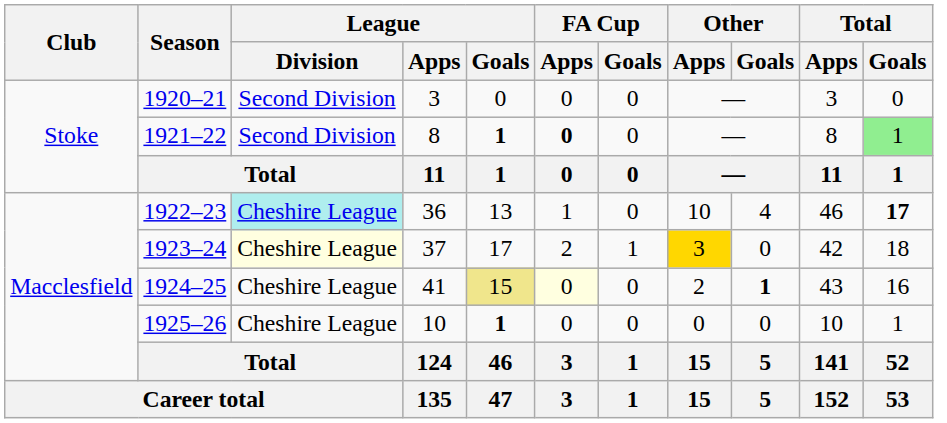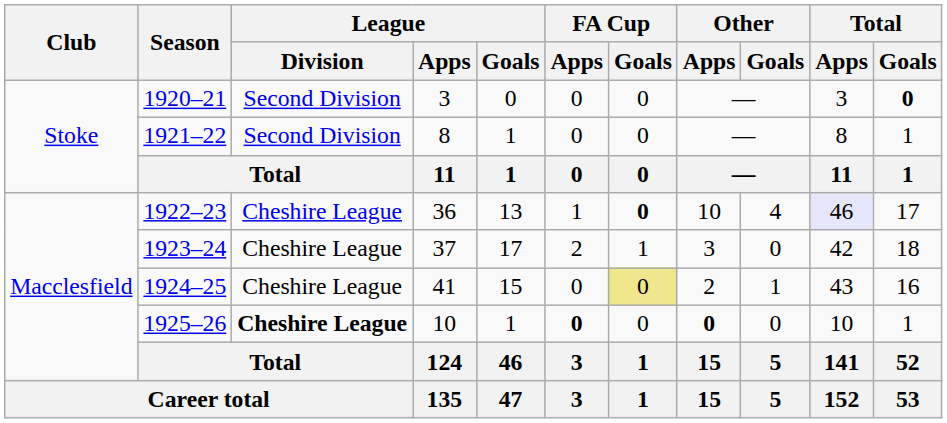 <table class="wikitable" style="text-align: center;">
 <tr>
 <th rowspan="2">Club</th>
 <th rowspan="2">Season</th>
 <th colspan="3">League</th>
 <th colspan="2">FA Cup</th>
 <th colspan="2">Other</th>
 <th colspan="2">Total</th>
 </tr>
 <tr>
 <th>Division</th>
 <th>Apps</th>
 <th>Goals</th>
 <th>Apps</th>
 <th>Goals</th>
 <th>Apps</th>
 <th>Goals</th>
 <th>Apps</th>
 <th>Goals</th>
 </tr>
 <tr>
 <td rowspan=3><a href='#'>Stoke</a></td>
 <td><a href='#'>1920–21</a></td>
 <td><a href='#'>Second Division</a></td>
 <td>3</td>
 <td>0</td>
 <td>0</td>
 <td>0</td>
 <td colspan="2">—</td>
 <td>3</td>
-<td>0</td>
+<td><strong>0</strong></td>
 </tr>
 <tr>
 <td><a href='#'>1921–22</a></td>
 <td><a href='#'>Second Division</a></td>
 <td>8</td>
-<td><strong>1</strong></td>
-<td><strong>0</strong></td>
+<td>1</td>
+<td>0</td>
 <td>0</td>
 <td colspan="2">—</td>
 <td>8</td>
-<td style="background: lightgreen;">1</td>
+<td>1</td>
 </tr>
 <tr>
 <th colspan=2>Total</th>
 <th>11</th>
 <th>1</th>
 <th>0</th>
 <th>0</th>
 <th colspan="2">—</th>
 <th>11</th>
 <th>1</th>
 </tr>
 <tr>
 <td rowspan=5><a href='#'>Macclesfield</a></td>
 <td><a href='#'>1922–23</a></td>
-<td style="background: paleturquoise;"><a href='#'>Cheshire League</a></td>
+<td><a href='#'>Cheshire League</a></td>
 <td>36</td>
 <td>13</td>
 <td>1</td>
-<td>0</td>
+<td><strong>0</strong></td>
 <td>10</td>
 <td>4</td>
-<td>46</td>
-<td><strong>17</strong></td>
+<td style="background: lavender;">46</td>
+<td>17</td>
 </tr>
 <tr>
 <td><a href='#'>1923–24</a></td>
-<td style="background: lightyellow;">Cheshire League</td>
+<td>Cheshire League</td>
 <td>37</td>
 <td>17</td>
 <td>2</td>
 <td>1</td>
-<td style="background: gold;">3</td>
+<td>3</td>
 <td>0</td>
 <td>42</td>
 <td>18</td>
 </tr>
 <tr>
 <td><a href='#'>1924–25</a></td>
 <td>Cheshire League</td>
 <td>41</td>
-<td style="background: khaki;">15</td>
-<td style="background: lightyellow;">0</td>
+<td>15</td>
 <td>0</td>
+<td style="background: khaki;">0</td>
 <td>2</td>
-<td><strong>1</strong></td>
+<td>1</td>
 <td>43</td>
 <td>16</td>
 </tr>
 <tr>
 <td><a href='#'>1925–26</a></td>
-<td>Cheshire League</td>
+<td><strong>Cheshire League</strong></td>
 <td>10</td>
-<td><strong>1</strong></td>
+<td>1</td>
+<td><strong>0</strong></td>
 <td>0</td>
-<td>0</td>
-<td>0</td>
+<td><strong>0</strong></td>
 <td>0</td>
 <td>10</td>
 <td>1</td>
 </tr>
 <tr>
 <th colspan=2>Total</th>
 <th>124</th>
 <th>46</th>
 <th>3</th>
 <th>1</th>
 <th>15</th>
 <th>5</th>
 <th>141</th>
 <th>52</th>
 </tr>
 <tr>
 <th colspan="3">Career total</th>
 <th>135</th>
 <th>47</th>
 <th>3</th>
 <th>1</th>
 <th>15</th>
 <th>5</th>
 <th>152</th>
 <th>53</th>
 </tr>
 </table>
